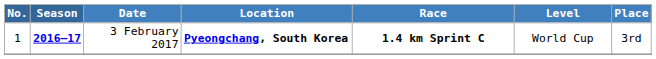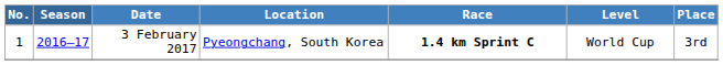 <table class="wikitable sortable" style="font-size:95%; text-align:center; border:grey solid 1px; border-collapse:collapse; background:#ffffff;">
 <tr style="background:#efefef;">
 <th style="background-color:#369; color:white;">No.</th>
 <th style="background-color:#369; color:white;">Season</th>
 <th style="background-color:#4180be; color:white; width:100px;">Date</th>
 <th style="background-color:#4180be; color:white; width:180px;">Location</th>
 <th style="background-color:#4180be; color:white; width:170px;">Race</th>
 <th style="background-color:#4180be; color:white; width:100px;">Level</th>
 <th style="background-color:#4180be; color:white;">Place</th>
 </tr>
 <tr>
 <td align=center>1</td>
-<td rowspan=1 align=center><strong><a href='#'>2016–17</a></strong></td>
+<td rowspan=1 align=center><a href='#'>2016–17</a></td>
 <td align=right>3 February 2017</td>
-<td align=left><strong> <a href='#'>Pyeongchang</a>, South Korea</strong></td>
+<td align=left> <a href='#'>Pyeongchang</a>, South Korea</td>
 <td><strong>1.4 km Sprint C</strong></td>
 <td>World Cup</td>
 <td>3rd</td>
 </tr>
 <tr>
 </tr>
 </table>
